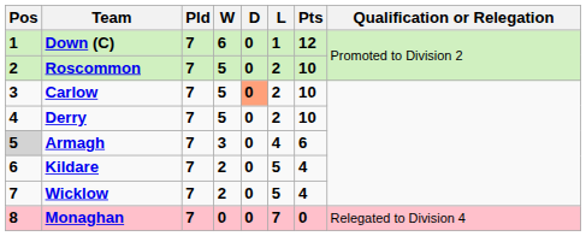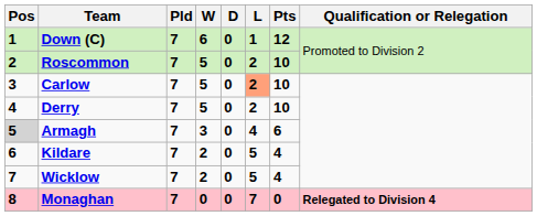 <table class="wikitable" style="text-align: centre;">
 <tr>
 <th width=20>Pos</th>
 <th width=135>Team</th>
 <th width=20>Pld</th>
 <th width=20>W</th>
 <th width=20>D</th>
 <th width=20>L</th>
 <th width=20>Pts</th>
 <th width=250>Qualification or Relegation</th>
 </tr>
 <tr style="background:#D0F0C0;">
 <td><strong>1</strong></td>
 <td align=left><strong> <a href='#'>Down</a> (C)</strong></td>
 <td><strong>7</strong></td>
 <td><strong>6</strong></td>
 <td><strong>0</strong></td>
 <td><strong>1</strong></td>
 <td><strong>12</strong></td>
 <td rowspan="2"><small> Promoted to Division 2</small></td>
 </tr>
 <tr style="background:#D0F0C0;">
 <td><strong>2</strong></td>
 <td align=left><strong> <a href='#'>Roscommon</a></strong></td>
 <td><strong>7</strong></td>
 <td><strong>5</strong></td>
 <td><strong>0</strong></td>
 <td><strong>2</strong></td>
 <td><strong>10</strong></td>
 </tr>
 <tr style>
 <td><strong>3</strong></td>
 <td align=left><strong> <a href='#'>Carlow</a> </strong></td>
 <td><strong>7</strong></td>
 <td><strong>5</strong></td>
-<td style="background: lightsalmon;"><strong>0</strong></td>
-<td><strong>2</strong></td>
+<td><strong>0</strong></td>
+<td style="background: lightsalmon;"><strong>2</strong></td>
 <td><strong>10</strong></td>
 <td rowspan="5"></td>
 </tr>
 <tr style>
 <td><strong>4</strong></td>
 <td align=left><strong> <a href='#'>Derry</a> </strong></td>
 <td><strong>7</strong></td>
 <td><strong>5</strong></td>
 <td><strong>0</strong></td>
 <td><strong>2</strong></td>
 <td><strong>10</strong></td>
 </tr>
 <tr style>
 <td style="background: lightgrey;"><strong>5</strong></td>
 <td align=left><strong> <a href='#'>Armagh</a> </strong></td>
 <td><strong>7</strong></td>
 <td><strong>3</strong></td>
 <td><strong>0</strong></td>
 <td><strong>4</strong></td>
 <td><strong>6</strong></td>
 </tr>
 <tr style>
 <td><strong>6</strong></td>
 <td align=left><strong> <a href='#'>Kildare</a> </strong></td>
 <td><strong>7</strong></td>
 <td><strong>2</strong></td>
 <td><strong>0</strong></td>
 <td><strong>5</strong></td>
 <td><strong>4</strong></td>
 </tr>
 <tr>
 <td><strong>7</strong></td>
 <td align=left><strong> <a href='#'>Wicklow</a></strong></td>
 <td><strong>7</strong></td>
 <td><strong>2</strong></td>
 <td><strong>0</strong></td>
 <td><strong>5</strong></td>
 <td><strong>4</strong></td>
 </tr>
 <tr style="background:#FFC0CB;">
 <td><strong>8</strong></td>
 <td align=left><strong> <a href='#'>Monaghan</a></strong></td>
 <td><strong>7</strong></td>
 <td><strong>0</strong></td>
 <td><strong>0</strong></td>
 <td><strong>7</strong></td>
 <td><strong>0</strong></td>
-<td><small> Relegated to Division 4</small></td>
+<td><strong><small> Relegated to Division 4</small></strong></td>
 </tr>
 </table>
